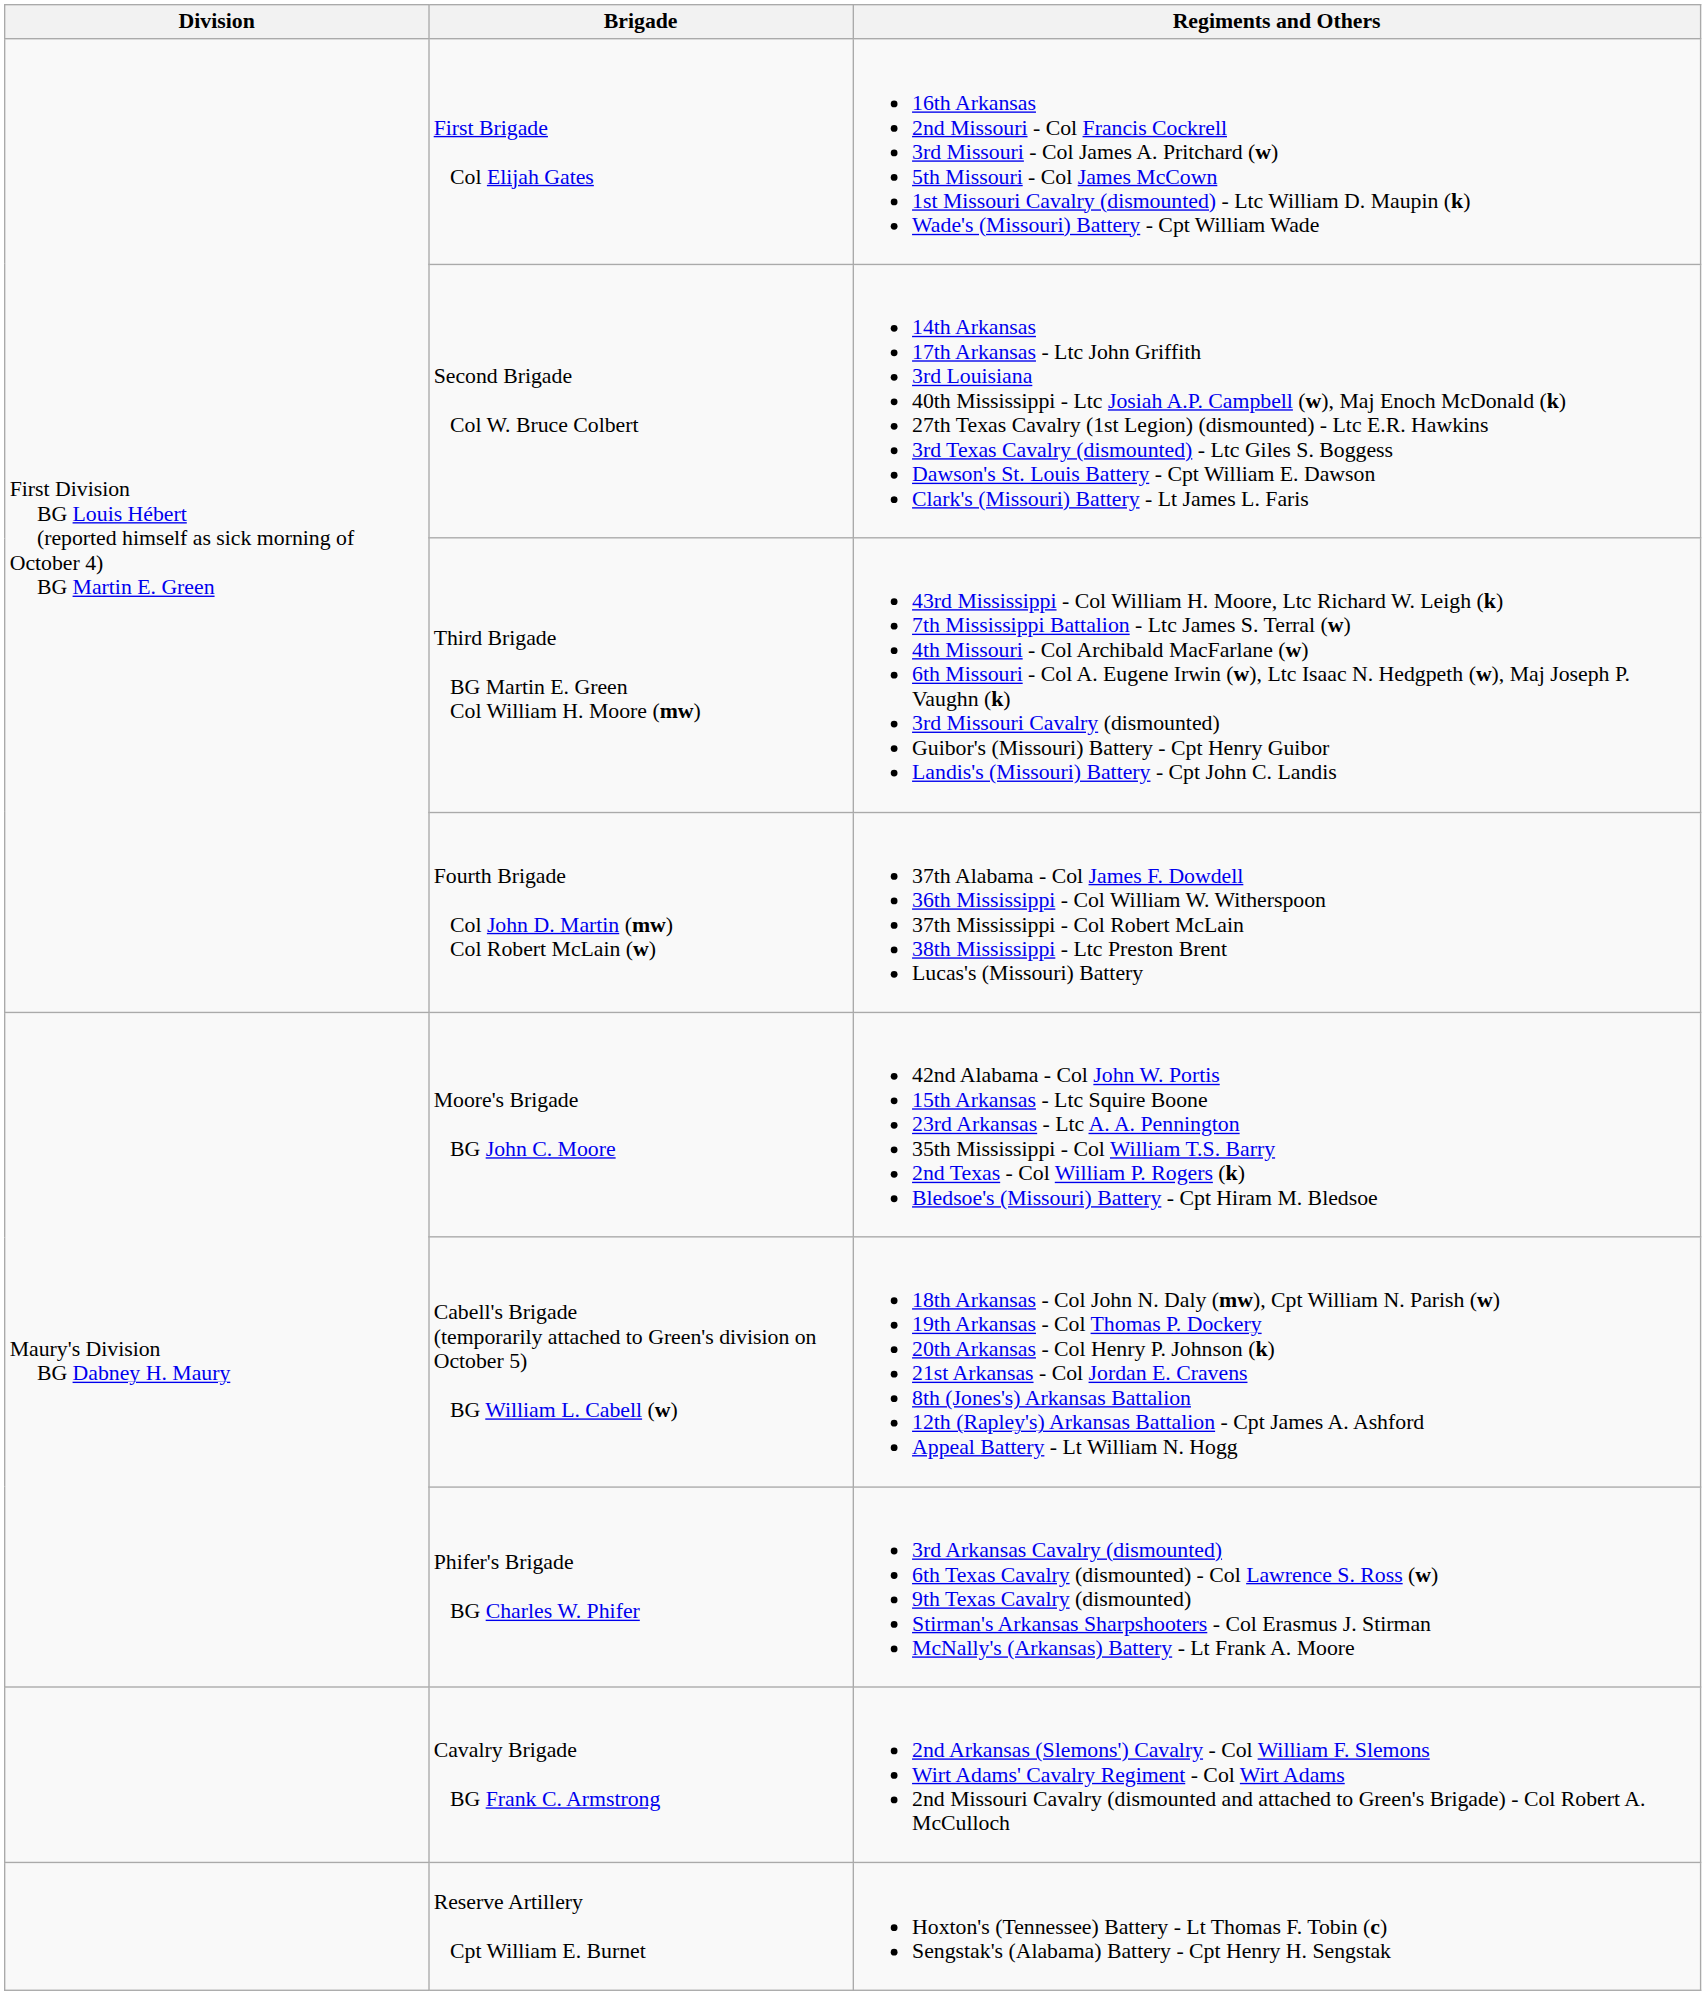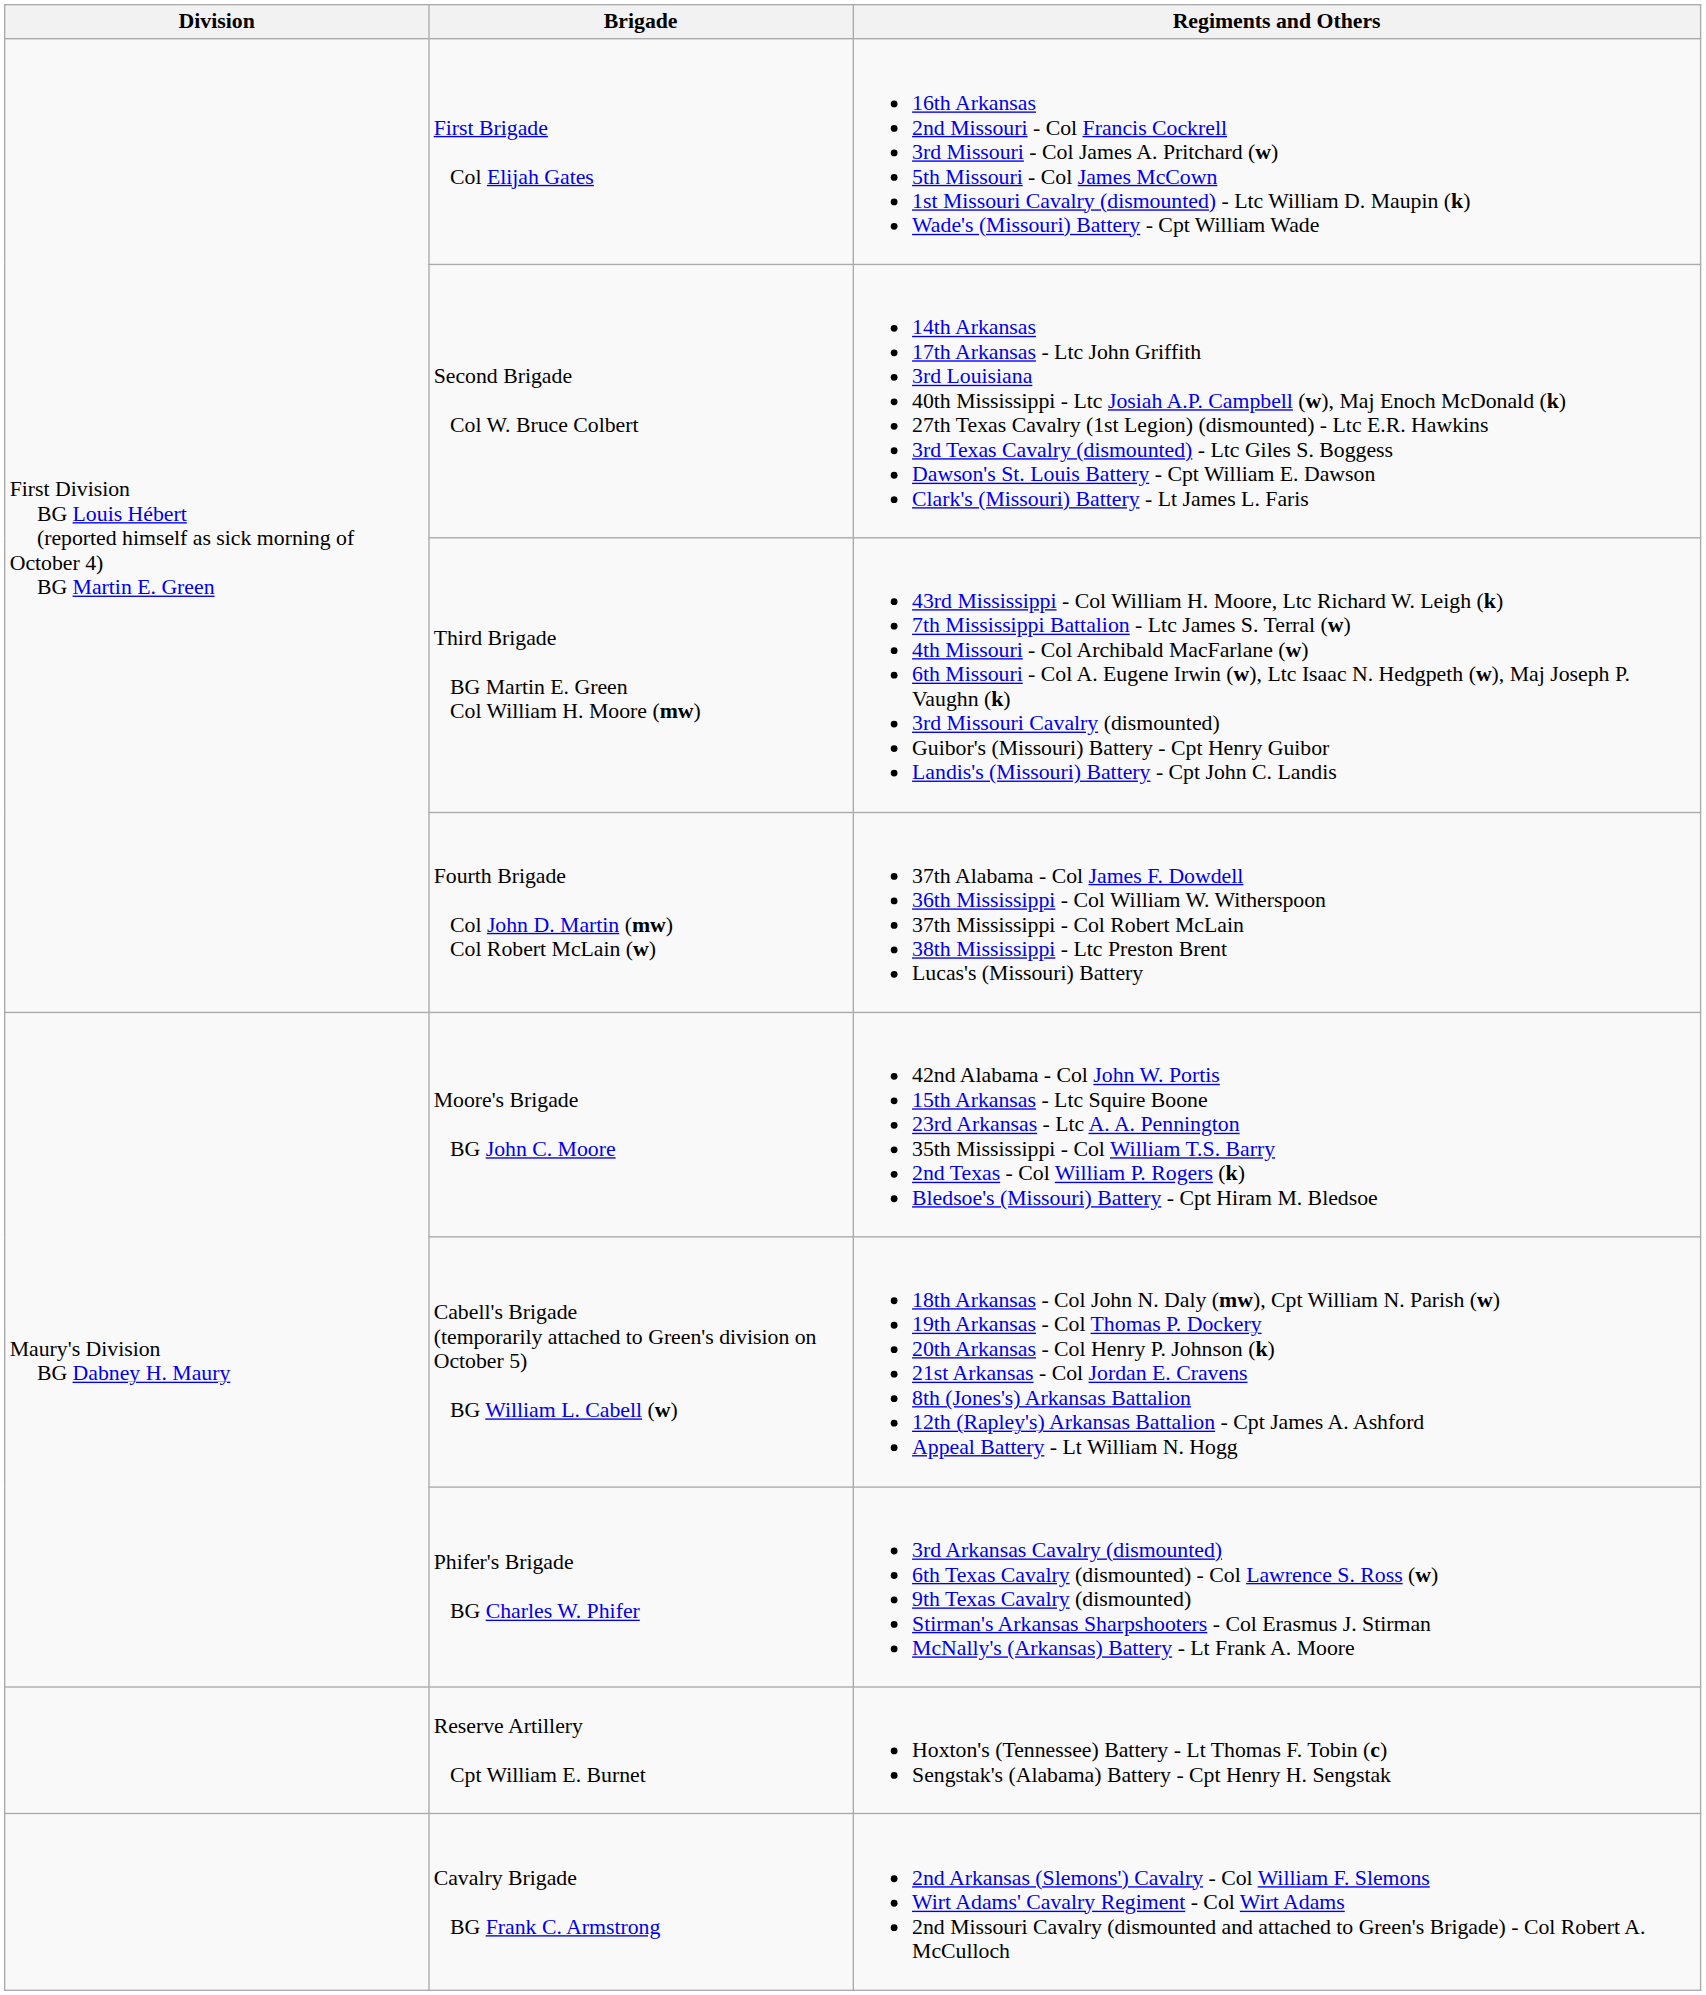 <table class="wikitable">
 <tr>
 <th width=25%>Division</th>
 <th width=25%>Brigade</th>
 <th>Regiments and Others</th>
 </tr>
 <tr>
 <td rowspan=4><br>First Division <br>     BG <a href='#'>Louis Hébert</a> <br>     (reported himself as sick morning of October 4) <br>     BG <a href='#'>Martin E. Green</a></td>
 <td><a href='#'>First Brigade</a><br><br>   Col <a href='#'>Elijah Gates</a></td>
 <td><br><ul><li><a href='#'>16th Arkansas</a></li><li><a href='#'>2nd Missouri</a> - Col <a href='#'>Francis Cockrell</a></li><li><a href='#'>3rd Missouri</a> - Col James A. Pritchard (<strong>w</strong>)</li><li><a href='#'>5th Missouri</a> - Col <a href='#'>James McCown</a></li><li><a href='#'>1st Missouri Cavalry (dismounted)</a> - Ltc William D. Maupin (<strong>k</strong>)</li><li><a href='#'>Wade's (Missouri) Battery</a> - Cpt William Wade</li></ul></td>
 </tr>
 <tr>
 <td>Second Brigade<br><br>   Col W. Bruce Colbert</td>
 <td><br><ul><li><a href='#'>14th Arkansas</a></li><li><a href='#'>17th Arkansas</a> - Ltc John Griffith</li><li><a href='#'>3rd Louisiana</a></li><li>40th Mississippi - Ltc <a href='#'>Josiah A.P. Campbell</a> (<strong>w</strong>), Maj Enoch McDonald (<strong>k</strong>)</li><li>27th Texas Cavalry (1st Legion) (dismounted) - Ltc E.R. Hawkins</li><li><a href='#'>3rd Texas Cavalry (dismounted)</a> - Ltc Giles S. Boggess</li><li><a href='#'>Dawson's St. Louis Battery</a> - Cpt William E. Dawson</li><li><a href='#'>Clark's (Missouri) Battery</a> - Lt James L. Faris</li></ul></td>
 </tr>
 <tr>
 <td>Third Brigade<br><br>   BG Martin E. Green <br>   Col William H. Moore (<strong>mw</strong>)</td>
 <td><br><ul><li><a href='#'>43rd Mississippi</a> - Col William H. Moore, Ltc Richard W. Leigh (<strong>k</strong>)</li><li><a href='#'>7th Mississippi Battalion</a> - Ltc James S. Terral (<strong>w</strong>)</li><li><a href='#'>4th Missouri</a> - Col Archibald MacFarlane (<strong>w</strong>)</li><li><a href='#'>6th Missouri</a> - Col A. Eugene Irwin (<strong>w</strong>), Ltc Isaac N. Hedgpeth (<strong>w</strong>), Maj Joseph P. Vaughn (<strong>k</strong>)</li><li><a href='#'>3rd Missouri Cavalry</a> (dismounted)</li><li>Guibor's (Missouri) Battery - Cpt Henry Guibor</li><li><a href='#'>Landis's (Missouri) Battery</a> - Cpt John C. Landis</li></ul></td>
 </tr>
 <tr>
 <td>Fourth Brigade<br><br>   Col <a href='#'>John D. Martin</a> (<strong>mw</strong>) <br>   Col Robert McLain (<strong>w</strong>)</td>
 <td><br><ul><li>37th Alabama - Col <a href='#'>James F. Dowdell</a></li><li><a href='#'>36th Mississippi</a> - Col William W. Witherspoon</li><li>37th Mississippi - Col Robert McLain</li><li><a href='#'>38th Mississippi</a> - Ltc Preston Brent</li><li>Lucas's (Missouri) Battery</li></ul></td>
 </tr>
 <tr>
 <td rowspan=3><br>Maury's Division <br>     BG <a href='#'>Dabney H. Maury</a></td>
 <td>Moore's Brigade<br><br>   BG <a href='#'>John C. Moore</a></td>
 <td><br><ul><li>42nd Alabama - Col <a href='#'>John W. Portis</a></li><li><a href='#'>15th Arkansas</a> - Ltc Squire Boone</li><li><a href='#'>23rd Arkansas</a> - Ltc <a href='#'>A. A. Pennington</a></li><li>35th Mississippi - Col <a href='#'>William T.S. Barry</a></li><li><a href='#'>2nd Texas</a> - Col <a href='#'>William P. Rogers</a> (<strong>k</strong>)</li><li><a href='#'>Bledsoe's (Missouri) Battery</a> - Cpt Hiram M. Bledsoe</li></ul></td>
 </tr>
 <tr>
 <td>Cabell's Brigade<br>(temporarily attached to Green's division on October 5) <br>   <br>   BG <a href='#'>William L. Cabell</a> (<strong>w</strong>)</td>
 <td><br><ul><li><a href='#'>18th Arkansas</a> - Col John N. Daly (<strong>mw</strong>), Cpt William N. Parish (<strong>w</strong>)</li><li><a href='#'>19th Arkansas</a> - Col <a href='#'>Thomas P. Dockery</a></li><li><a href='#'>20th Arkansas</a> - Col Henry P. Johnson (<strong>k</strong>)</li><li><a href='#'>21st Arkansas</a> - Col <a href='#'>Jordan E. Cravens</a></li><li><a href='#'>8th (Jones's) Arkansas Battalion</a></li><li><a href='#'>12th (Rapley's) Arkansas Battalion</a> - Cpt James A. Ashford</li><li><a href='#'>Appeal Battery</a> - Lt William N. Hogg</li></ul></td>
 </tr>
 <tr>
 <td>Phifer's Brigade<br><br>   BG <a href='#'>Charles W. Phifer</a></td>
 <td><br><ul><li><a href='#'>3rd Arkansas Cavalry (dismounted)</a></li><li><a href='#'>6th Texas Cavalry</a> (dismounted) - Col <a href='#'>Lawrence S. Ross</a> (<strong>w</strong>)</li><li><a href='#'>9th Texas Cavalry</a> (dismounted)</li><li><a href='#'>Stirman's Arkansas Sharpshooters</a> - Col Erasmus J. Stirman</li><li><a href='#'>McNally's (Arkansas) Battery</a> - Lt Frank A. Moore</li></ul></td>
 </tr>
 <tr>
 <td></td>
+<td>Reserve Artillery<br><br>   Cpt William E. Burnet</td>
+<td><br><ul><li>Hoxton's (Tennessee) Battery - Lt Thomas F. Tobin (<strong>c</strong>)</li><li>Sengstak's (Alabama) Battery - Cpt Henry H. Sengstak</li></ul></td>
+</tr>
+<tr>
+<td></td>
 <td>Cavalry Brigade<br><br>   BG <a href='#'>Frank C. Armstrong</a></td>
 <td><br><ul><li><a href='#'>2nd Arkansas (Slemons') Cavalry</a> - Col <a href='#'>William F. Slemons</a></li><li><a href='#'>Wirt Adams' Cavalry Regiment</a> - Col <a href='#'>Wirt Adams</a></li><li>2nd Missouri Cavalry (dismounted and attached to Green's Brigade) - Col Robert A. McCulloch</li></ul></td>
 </tr>
-<tr>
-<td></td>
-<td>Reserve Artillery<br><br>   Cpt William E. Burnet</td>
-<td><br><ul><li>Hoxton's (Tennessee) Battery - Lt Thomas F. Tobin (<strong>c</strong>)</li><li>Sengstak's (Alabama) Battery - Cpt Henry H. Sengstak</li></ul></td>
-</tr>
 </table>
